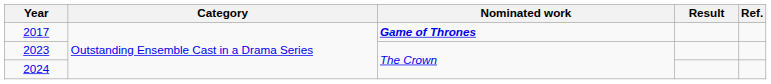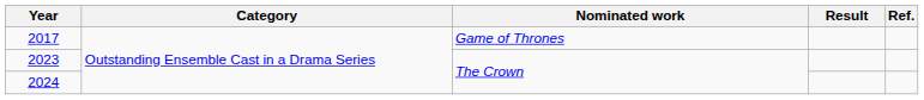 <table class=wikitable>
 <tr>
 <th scope="col" style="width:5em;">Year</th>
 <th scope="col" style="width:26em;">Category</th>
 <th scope="col" style="width:25em;">Nominated work</th>
 <th scope="col" style="width:5em;">Result</th>
 <th>Ref.</th>
 </tr>
 <tr>
 <td align="center"><a href='#'>2017</a></td>
 <td rowspan="3"><a href='#'>Outstanding Ensemble Cast in a Drama Series</a></td>
-<td><strong><em><a href='#'>Game of Thrones</a></em></strong></td>
+<td><em><a href='#'>Game of Thrones</a></em></td>
 <td></td>
 <td align="center"></td>
 </tr>
 <tr>
 <td align="center"><a href='#'>2023</a></td>
 <td rowspan="2"><em><a href='#'>The Crown</a></em></td>
 <td></td>
 <td align="center"></td>
 </tr>
 <tr>
 <td align="center"><a href='#'>2024</a></td>
 <td></td>
 <td align="center"></td>
 </tr>
 </table>
